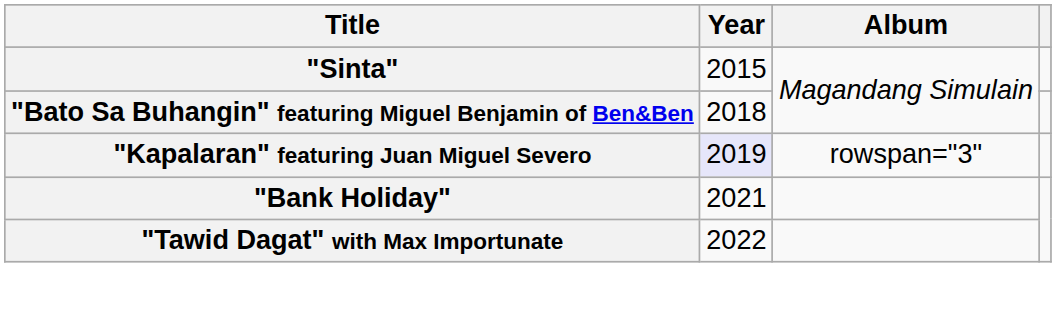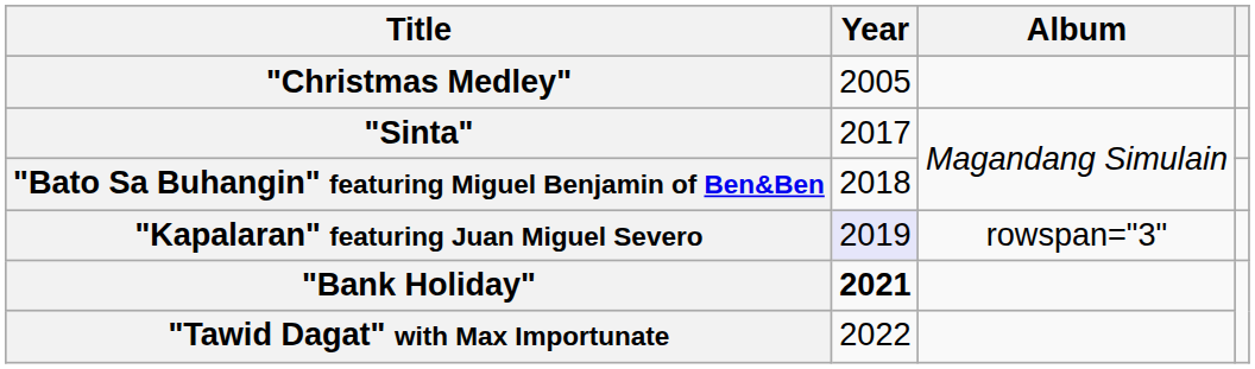 <table class="wikitable plainrowheaders" style="text-align:center;">
 <tr>
 <th scope="col">Title</th>
 <th scope="col">Year</th>
 <th scope="col">Album</th>
 <th scope="col"></th>
 </tr>
 <tr>
+<th scope="row">"Christmas Medley"</th>
+<td>2005</td>
+<td></td>
+<td></td>
+</tr>
+<tr>
 <th scope="row">"Sinta"</th>
-<td>2015</td>
+<td>2017</td>
 <td rowspan="2"><em>Magandang Simulain</em></td>
 <td></td>
 </tr>
 <tr>
 <th scope="row">"Bato Sa Buhangin" <small>featuring Miguel Benjamin of <a href='#'>Ben&Ben</a></small></th>
 <td>2018</td>
 <td></td>
 </tr>
 <tr>
 <th scope="row">"Kapalaran" <small>featuring Juan Miguel Severo</small></th>
 <td style="background: lavender;">2019</td>
 <td>rowspan="3" </td>
 <td></td>
 </tr>
 <tr>
 <th scope="row">"Bank Holiday"</th>
-<td>2021</td>
+<td><strong>2021</strong></td>
 <td></td>
 </tr>
 <tr>
 <th scope="row">"Tawid Dagat" <small>with Max Importunate</small></th>
 <td>2022</td>
 <td></td>
 </tr>
 </table>
